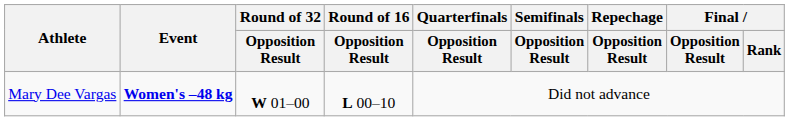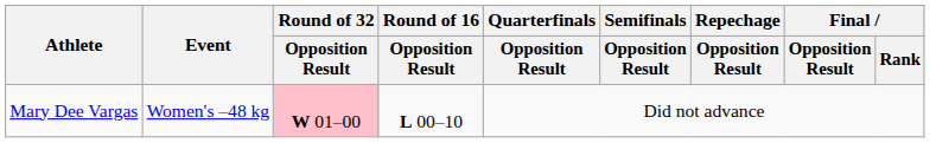 <table class="wikitable" style="font-size:90%">
 <tr>
 <th rowspan="2">Athlete</th>
 <th rowspan="2">Event</th>
 <th>Round of 32</th>
 <th>Round of 16</th>
 <th>Quarterfinals</th>
 <th>Semifinals</th>
 <th>Repechage</th>
 <th colspan=2>Final / </th>
 </tr>
 <tr style="font-size:95%">
 <th>Opposition<br>Result</th>
 <th>Opposition<br>Result</th>
 <th>Opposition<br>Result</th>
 <th>Opposition<br>Result</th>
 <th>Opposition<br>Result</th>
 <th>Opposition<br>Result</th>
 <th>Rank</th>
 </tr>
 <tr align=center>
 <td align=left><a href='#'>Mary Dee Vargas</a></td>
-<td align=left><strong><a href='#'>Women's –48 kg</a></strong></td>
-<td><br><strong>W</strong> 01–00</td>
+<td align=left><a href='#'>Women's –48 kg</a></td>
+<td style="background: pink;"><br><strong>W</strong> 01–00</td>
 <td><br><strong>L</strong> 00–10</td>
 <td colspan=5>Did not advance</td>
 </tr>
 </table>
